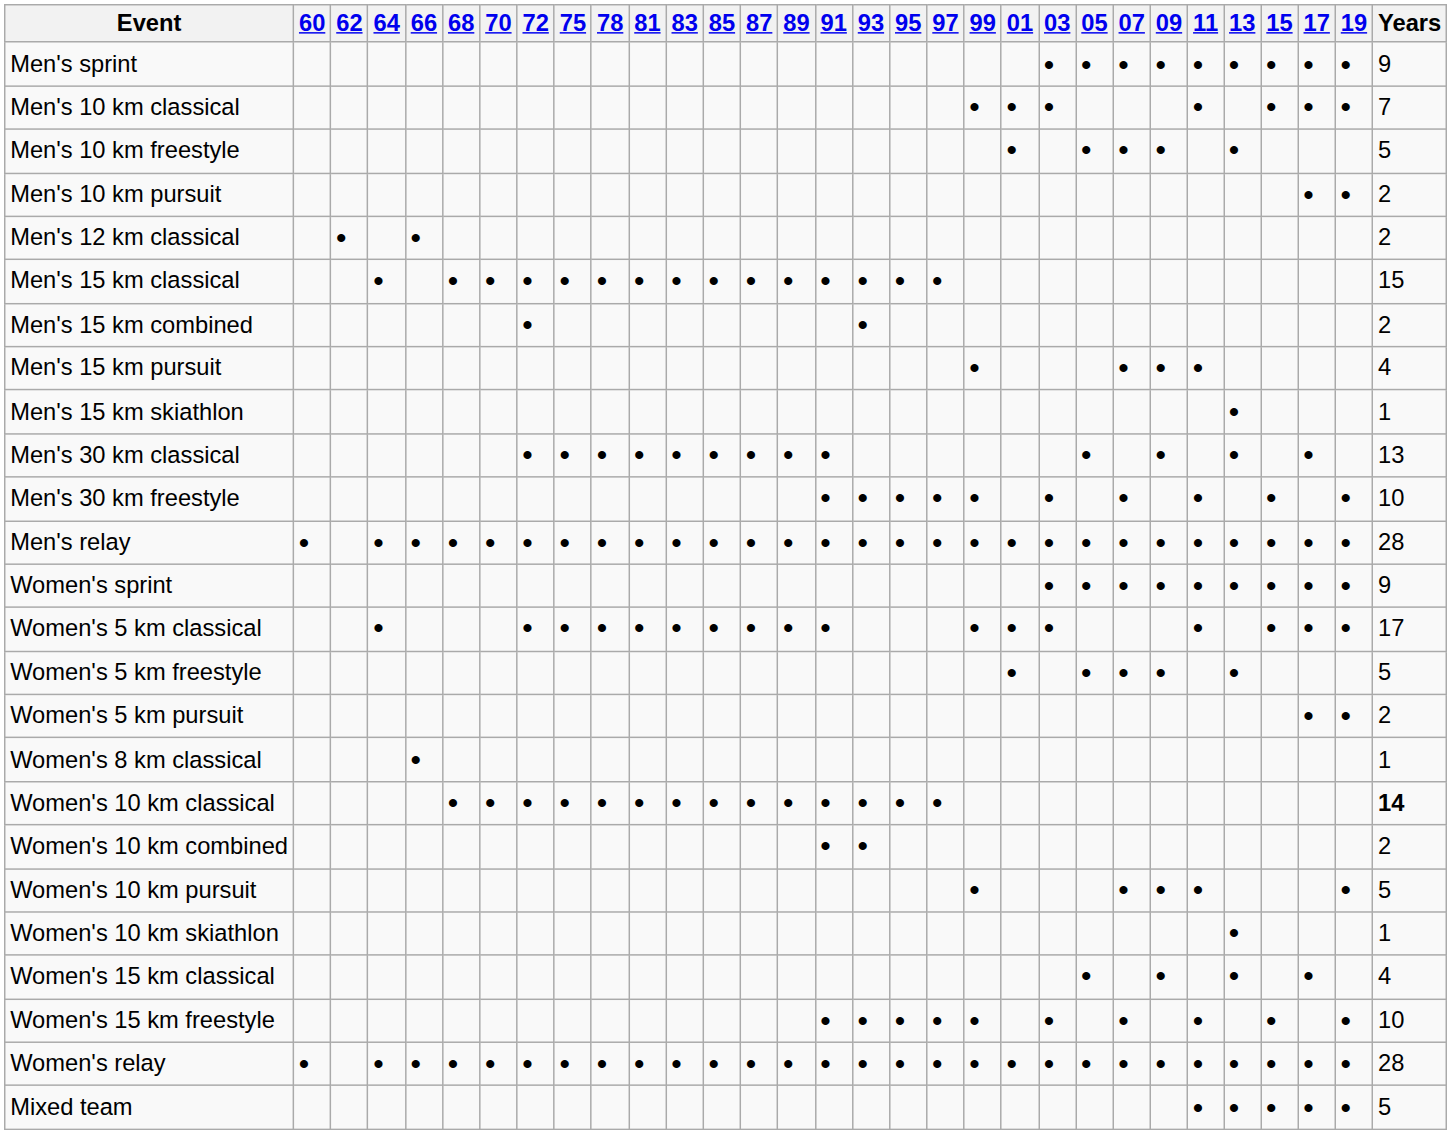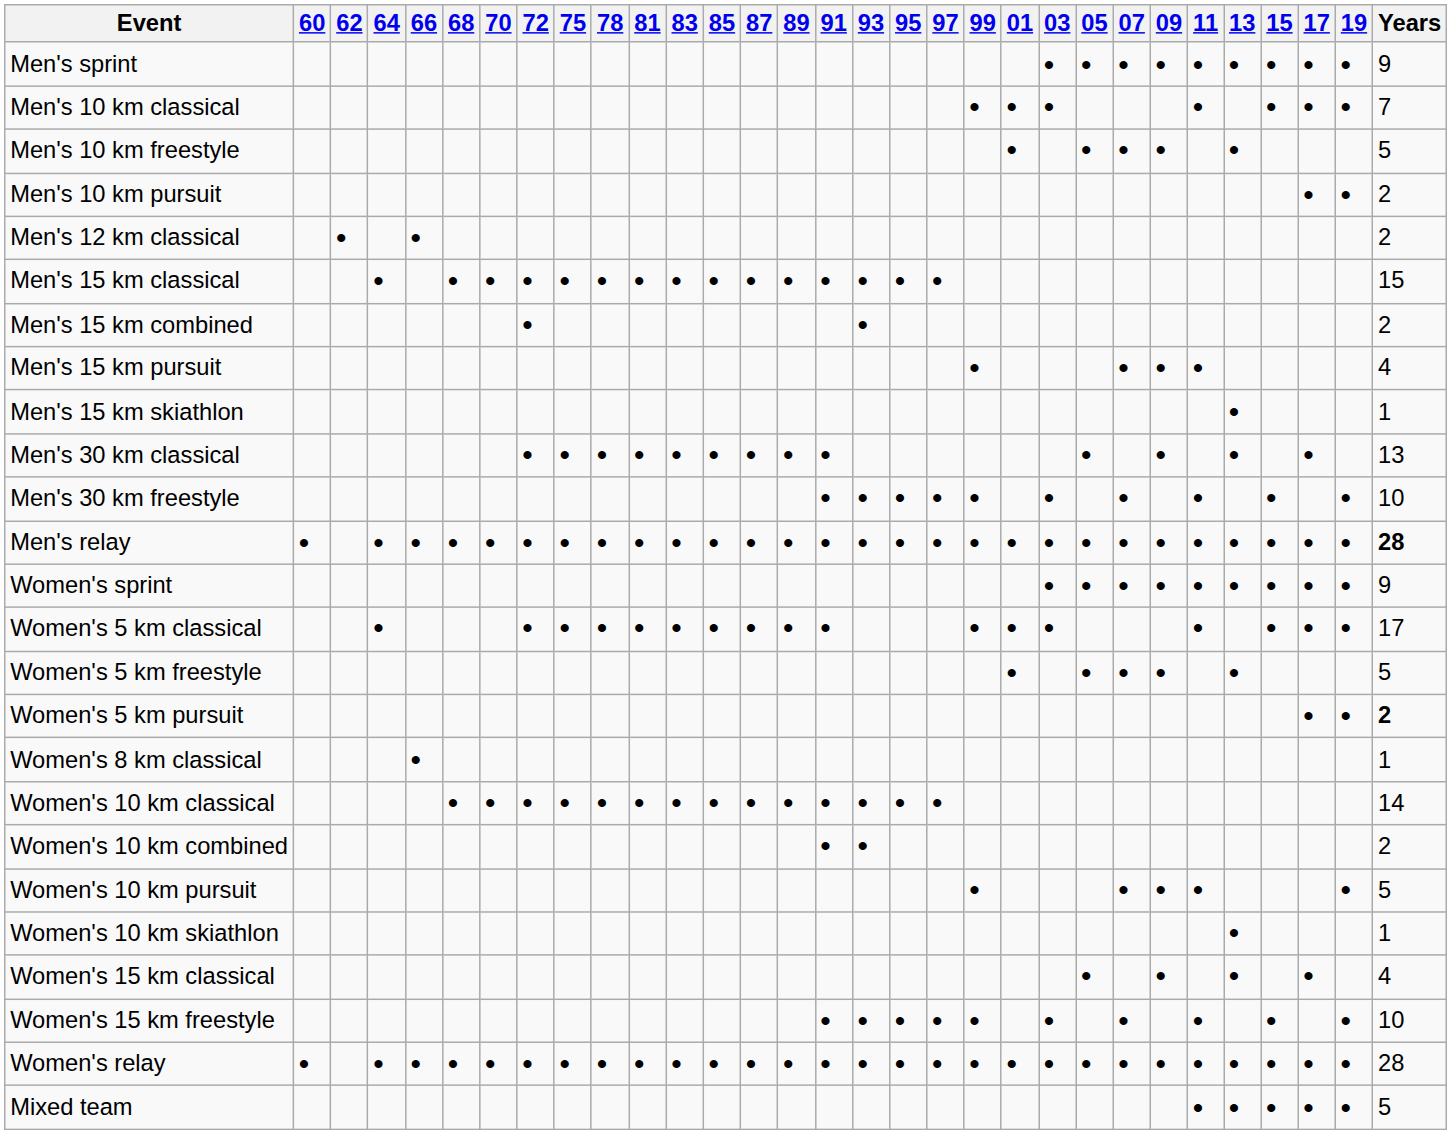 <table class="wikitable">
 <tr>
 <th>Event</th>
 <th><a href='#'>60</a></th>
 <th><a href='#'>62</a></th>
 <th><a href='#'>64</a></th>
 <th><a href='#'>66</a></th>
 <th><a href='#'>68</a></th>
 <th><a href='#'>70</a></th>
 <th><a href='#'>72</a></th>
 <th><a href='#'>75</a></th>
 <th><a href='#'>78</a></th>
 <th><a href='#'>81</a></th>
 <th><a href='#'>83</a></th>
 <th><a href='#'>85</a></th>
 <th><a href='#'>87</a></th>
 <th><a href='#'>89</a></th>
 <th><a href='#'>91</a></th>
 <th><a href='#'>93</a></th>
 <th><a href='#'>95</a></th>
 <th><a href='#'>97</a></th>
 <th><a href='#'>99</a></th>
 <th><a href='#'>01</a></th>
 <th><a href='#'>03</a></th>
 <th><a href='#'>05</a></th>
 <th><a href='#'>07</a></th>
 <th><a href='#'>09</a></th>
 <th><a href='#'>11</a></th>
 <th><a href='#'>13</a></th>
 <th><a href='#'>15</a></th>
 <th><a href='#'>17</a></th>
 <th><a href='#'>19</a></th>
 <th>Years</th>
 </tr>
 <tr>
 <td align=left>Men's sprint</td>
 <td></td>
 <td></td>
 <td></td>
 <td></td>
 <td></td>
 <td></td>
 <td></td>
 <td></td>
 <td></td>
 <td></td>
 <td></td>
 <td></td>
 <td></td>
 <td></td>
 <td></td>
 <td></td>
 <td></td>
 <td></td>
 <td></td>
 <td></td>
 <td><big><strong>•</strong></big></td>
 <td><big><strong>•</strong></big ></td>
 <td><big><strong>•</strong></big></td>
 <td><big><strong>•</strong></big></td>
 <td><big><strong>•</strong></big></td>
 <td><big><strong>•</strong></big></td>
 <td><big><strong>•</strong></big></td>
 <td><big><strong>•</strong></big></td>
 <td><big><strong>•</strong></big></td>
 <td>9</td>
 </tr>
 <tr>
 <td align=left>Men's 10 km classical</td>
 <td></td>
 <td></td>
 <td></td>
 <td></td>
 <td></td>
 <td></td>
 <td></td>
 <td></td>
 <td></td>
 <td></td>
 <td></td>
 <td></td>
 <td></td>
 <td></td>
 <td></td>
 <td></td>
 <td></td>
 <td></td>
 <td><big><strong>•</strong></big></td>
 <td><big><strong>•</strong></big></td>
 <td><big><strong>•</strong></big ></td>
 <td></td>
 <td></td>
 <td></td>
 <td><big><strong>•</strong></big></td>
 <td></td>
 <td><big><strong>•</strong></big></td>
 <td><big><strong>•</strong></big></td>
 <td><big><strong>•</strong></big></td>
 <td>7</td>
 </tr>
 <tr>
 <td align=left>Men's 10 km freestyle</td>
 <td></td>
 <td></td>
 <td></td>
 <td></td>
 <td></td>
 <td></td>
 <td></td>
 <td></td>
 <td></td>
 <td></td>
 <td></td>
 <td></td>
 <td></td>
 <td></td>
 <td></td>
 <td></td>
 <td></td>
 <td></td>
 <td></td>
 <td><big><strong>•</strong></big></td>
 <td></td>
 <td><big><strong>•</strong></big></td>
 <td><big><strong>•</strong></big ></td>
 <td><big><strong>•</strong></big></td>
 <td></td>
 <td><big><strong>•</strong></big></td>
 <td></td>
 <td></td>
 <td></td>
 <td>5</td>
 </tr>
 <tr>
 <td align=left>Men's 10 km pursuit</td>
 <td></td>
 <td></td>
 <td></td>
 <td></td>
 <td></td>
 <td></td>
 <td></td>
 <td></td>
 <td></td>
 <td></td>
 <td></td>
 <td></td>
 <td></td>
 <td></td>
 <td></td>
 <td></td>
 <td></td>
 <td></td>
 <td></td>
 <td></td>
 <td></td>
 <td></td>
 <td></td>
 <td></td>
 <td></td>
 <td></td>
 <td></td>
 <td><big><strong>•</strong></big></td>
 <td><big><strong>•</strong></big></td>
 <td>2</td>
 </tr>
 <tr>
 <td align=left>Men's 12 km classical</td>
 <td></td>
 <td><big><strong>•</strong></big></td>
 <td></td>
 <td><big><strong>•</strong></big></td>
 <td></td>
 <td></td>
 <td></td>
 <td></td>
 <td></td>
 <td></td>
 <td></td>
 <td></td>
 <td></td>
 <td></td>
 <td></td>
 <td></td>
 <td></td>
 <td></td>
 <td></td>
 <td></td>
 <td></td>
 <td></td>
 <td></td>
 <td></td>
 <td></td>
 <td></td>
 <td></td>
 <td></td>
 <td></td>
 <td>2</td>
 </tr>
 <tr>
 <td align=left>Men's 15 km classical</td>
 <td></td>
 <td></td>
 <td><big><strong>•</strong></big></td>
 <td></td>
 <td><big><strong>•</strong></big></td>
 <td><big><strong>•</strong></big></td>
 <td><big><strong>•</strong></big></td>
 <td><big><strong>•</strong></big></td>
 <td><big><strong>•</strong></big></td>
 <td><big><strong>•</strong></big></td>
 <td><big><strong>•</strong></big></td>
 <td><big><strong>•</strong></big></td>
 <td><big><strong>•</strong></big></td>
 <td><big><strong>•</strong></big></td>
 <td><big><strong>•</strong></big></td>
 <td><big><strong>•</strong></big></td>
 <td><big><strong>•</strong></big></td>
 <td><big><strong>•</strong></big></td>
 <td></td>
 <td></td>
 <td></td>
 <td></td>
 <td></td>
 <td></td>
 <td></td>
 <td></td>
 <td></td>
 <td></td>
 <td></td>
 <td>15</td>
 </tr>
 <tr>
 <td align=left>Men's 15 km combined</td>
 <td></td>
 <td></td>
 <td></td>
 <td></td>
 <td></td>
 <td></td>
 <td><big><strong>•</strong></big></td>
 <td></td>
 <td></td>
 <td></td>
 <td></td>
 <td></td>
 <td></td>
 <td></td>
 <td></td>
 <td><big><strong>•</strong></big></td>
 <td></td>
 <td></td>
 <td></td>
 <td></td>
 <td></td>
 <td></td>
 <td></td>
 <td></td>
 <td></td>
 <td></td>
 <td></td>
 <td></td>
 <td></td>
 <td>2</td>
 </tr>
 <tr>
 <td align=left>Men's 15 km pursuit</td>
 <td></td>
 <td></td>
 <td></td>
 <td></td>
 <td></td>
 <td></td>
 <td></td>
 <td></td>
 <td></td>
 <td></td>
 <td></td>
 <td></td>
 <td></td>
 <td></td>
 <td></td>
 <td></td>
 <td></td>
 <td></td>
 <td><big><strong>•</strong></big></td>
 <td></td>
 <td></td>
 <td></td>
 <td><big><strong>•</strong></big></td>
 <td><big><strong>•</strong></big></td>
 <td><big><strong>•</strong></big></td>
 <td></td>
 <td></td>
 <td></td>
 <td></td>
 <td>4</td>
 </tr>
 <tr>
 <td align=left>Men's 15 km skiathlon</td>
 <td></td>
 <td></td>
 <td></td>
 <td></td>
 <td></td>
 <td></td>
 <td></td>
 <td></td>
 <td></td>
 <td></td>
 <td></td>
 <td></td>
 <td></td>
 <td></td>
 <td></td>
 <td></td>
 <td></td>
 <td></td>
 <td></td>
 <td></td>
 <td></td>
 <td></td>
 <td></td>
 <td></td>
 <td></td>
 <td><big><strong>•</strong></big></td>
 <td></td>
 <td></td>
 <td></td>
 <td>1</td>
 </tr>
 <tr>
 <td align=left>Men's 30 km classical</td>
 <td></td>
 <td></td>
 <td></td>
 <td></td>
 <td></td>
 <td></td>
 <td><big><strong>•</strong></big></td>
 <td><big><strong>•</strong></big></td>
 <td><big><strong>•</strong></big></td>
 <td><big><strong>•</strong></big></td>
 <td><big><strong>•</strong></big></td>
 <td><big><strong>•</strong></big></td>
 <td><big><strong>•</strong></big></td>
 <td><big><strong>•</strong></big></td>
 <td><big><strong>•</strong></big></td>
 <td></td>
 <td></td>
 <td></td>
 <td></td>
 <td></td>
 <td></td>
 <td><big><strong>•</strong></big></td>
 <td></td>
 <td><big><strong>•</strong></big></td>
 <td></td>
 <td><big><strong>•</strong></big></td>
 <td></td>
 <td><big><strong>•</strong></big></td>
 <td></td>
 <td>13</td>
 </tr>
 <tr>
 <td align=left>Men's 30 km freestyle</td>
 <td></td>
 <td></td>
 <td></td>
 <td></td>
 <td></td>
 <td></td>
 <td></td>
 <td></td>
 <td></td>
 <td></td>
 <td></td>
 <td></td>
 <td></td>
 <td></td>
 <td><big><strong>•</strong></big></td>
 <td><big><strong>•</strong></big></td>
 <td><big><strong>•</strong></big></td>
 <td><big><strong>•</strong></big></td>
 <td><big><strong>•</strong></big></td>
 <td></td>
 <td><big><strong>•</strong></big></td>
 <td></td>
 <td><big><strong>•</strong></big></td>
 <td></td>
 <td><big><strong>•</strong></big></td>
 <td></td>
 <td><big><strong>•</strong></big></td>
 <td></td>
 <td><big><strong>•</strong></big></td>
 <td>10</td>
 </tr>
 <tr>
 <td align=left>Men's relay</td>
 <td><big><strong>•</strong></big></td>
 <td></td>
 <td><big><strong>•</strong></big></td>
 <td><big><strong>•</strong></big></td>
 <td><big><strong>•</strong></big></td>
 <td><big><strong>•</strong></big></td>
 <td><big><strong>•</strong></big></td>
 <td><big><strong>•</strong></big></td>
 <td><big><strong>•</strong></big></td>
 <td><big><strong>•</strong></big></td>
 <td><big><strong>•</strong></big></td>
 <td><big><strong>•</strong></big></td>
 <td><big><strong>•</strong></big></td>
 <td><big><strong>•</strong></big></td>
 <td><big><strong>•</strong></big></td>
 <td><big><strong>•</strong></big></td>
 <td><big><strong>•</strong></big></td>
 <td><big><strong>•</strong></big></td>
 <td><big><strong>•</strong></big></td>
 <td><big><strong>•</strong></big></td>
 <td><big><strong>•</strong></big></td>
 <td><big><strong>•</strong></big></td>
 <td><big><strong>•</strong></big></td>
 <td><big><strong>•</strong></big></td>
 <td><big><strong>•</strong></big></td>
 <td><big><strong>•</strong></big></td>
 <td><big><strong>•</strong></big></td>
 <td><big><strong>•</strong></big></td>
 <td><big><strong>•</strong></big></td>
-<td>28</td>
+<td><strong>28</strong></td>
 </tr>
 <tr>
 <td align=left>Women's sprint</td>
 <td></td>
 <td></td>
 <td></td>
 <td></td>
 <td></td>
 <td></td>
 <td></td>
 <td></td>
 <td></td>
 <td></td>
 <td></td>
 <td></td>
 <td></td>
 <td></td>
 <td></td>
 <td></td>
 <td></td>
 <td></td>
 <td></td>
 <td></td>
 <td><big><strong>•</strong></big></td>
 <td><big><strong>•</strong></big ></td>
 <td><big><strong>•</strong></big></td>
 <td><big><strong>•</strong></big></td>
 <td><big><strong>•</strong></big></td>
 <td><big><strong>•</strong></big></td>
 <td><big><strong>•</strong></big></td>
 <td><big><strong>•</strong></big></td>
 <td><big><strong>•</strong></big></td>
 <td>9</td>
 </tr>
 <tr>
 <td align=left>Women's 5 km classical</td>
 <td></td>
 <td></td>
 <td><big><strong>•</strong></big></td>
 <td></td>
 <td></td>
 <td></td>
 <td><big><strong>•</strong></big></td>
 <td><big><strong>•</strong></big></td>
 <td><big><strong>•</strong></big></td>
 <td><big><strong>•</strong></big></td>
 <td><big><strong>•</strong></big></td>
 <td><big><strong>•</strong></big></td>
 <td><big><strong>•</strong></big></td>
 <td><big><strong>•</strong></big></td>
 <td><big><strong>•</strong></big></td>
 <td></td>
 <td></td>
 <td></td>
 <td><big><strong>•</strong></big></td>
 <td><big><strong>•</strong></big></td>
 <td><big><strong>•</strong></big ></td>
 <td></td>
 <td></td>
 <td></td>
 <td><big><strong>•</strong></big></td>
 <td></td>
 <td><big><strong>•</strong></big></td>
 <td><big><strong>•</strong></big></td>
 <td><big><strong>•</strong></big></td>
 <td>17</td>
 </tr>
 <tr>
 <td align=left>Women's 5 km freestyle</td>
 <td></td>
 <td></td>
 <td></td>
 <td></td>
 <td></td>
 <td></td>
 <td></td>
 <td></td>
 <td></td>
 <td></td>
 <td></td>
 <td></td>
 <td></td>
 <td></td>
 <td></td>
 <td></td>
 <td></td>
 <td></td>
 <td></td>
 <td><big><strong>•</strong></big></td>
 <td></td>
 <td><big><strong>•</strong></big></td>
 <td><big><strong>•</strong></big ></td>
 <td><big><strong>•</strong></big></td>
 <td></td>
 <td><big><strong>•</strong></big></td>
 <td></td>
 <td></td>
 <td></td>
 <td>5</td>
 </tr>
 <tr>
 <td align=left>Women's 5 km pursuit</td>
 <td></td>
 <td></td>
 <td></td>
 <td></td>
 <td></td>
 <td></td>
 <td></td>
 <td></td>
 <td></td>
 <td></td>
 <td></td>
 <td></td>
 <td></td>
 <td></td>
 <td></td>
 <td></td>
 <td></td>
 <td></td>
 <td></td>
 <td></td>
 <td></td>
 <td></td>
 <td></td>
 <td></td>
 <td></td>
 <td></td>
 <td></td>
 <td><big><strong>•</strong></big></td>
 <td><big><strong>•</strong></big></td>
-<td>2</td>
+<td><strong>2</strong></td>
 </tr>
 <tr>
 <td align=left>Women's 8 km classical</td>
 <td></td>
 <td></td>
 <td></td>
 <td><big><strong>•</strong></big></td>
 <td></td>
 <td></td>
 <td></td>
 <td></td>
 <td></td>
 <td></td>
 <td></td>
 <td></td>
 <td></td>
 <td></td>
 <td></td>
 <td></td>
 <td></td>
 <td></td>
 <td></td>
 <td></td>
 <td></td>
 <td></td>
 <td></td>
 <td></td>
 <td></td>
 <td></td>
 <td></td>
 <td></td>
 <td></td>
 <td>1</td>
 </tr>
 <tr>
 <td align=left>Women's 10 km classical</td>
 <td></td>
 <td></td>
 <td></td>
 <td></td>
 <td><big><strong>•</strong></big></td>
 <td><big><strong>•</strong></big></td>
 <td><big><strong>•</strong></big></td>
 <td><big><strong>•</strong></big></td>
 <td><big><strong>•</strong></big></td>
 <td><big><strong>•</strong></big></td>
 <td><big><strong>•</strong></big></td>
 <td><big><strong>•</strong></big></td>
 <td><big><strong>•</strong></big></td>
 <td><big><strong>•</strong></big></td>
 <td><big><strong>•</strong></big></td>
 <td><big><strong>•</strong></big></td>
 <td><big><strong>•</strong></big></td>
 <td><big><strong>•</strong></big></td>
 <td></td>
 <td></td>
 <td></td>
 <td></td>
 <td></td>
 <td></td>
 <td></td>
 <td></td>
 <td></td>
 <td></td>
 <td></td>
-<td><strong>14</strong></td>
+<td>14</td>
 </tr>
 <tr>
 <td align=left>Women's 10 km combined</td>
 <td></td>
 <td></td>
 <td></td>
 <td></td>
 <td></td>
 <td></td>
 <td></td>
 <td></td>
 <td></td>
 <td></td>
 <td></td>
 <td></td>
 <td></td>
 <td></td>
 <td><big><strong>•</strong></big></td>
 <td><big><strong>•</strong></big></td>
 <td></td>
 <td></td>
 <td></td>
 <td></td>
 <td></td>
 <td></td>
 <td></td>
 <td></td>
 <td></td>
 <td></td>
 <td></td>
 <td></td>
 <td></td>
 <td>2</td>
 </tr>
 <tr>
 <td align=left>Women's 10 km pursuit</td>
 <td></td>
 <td></td>
 <td></td>
 <td></td>
 <td></td>
 <td></td>
 <td></td>
 <td></td>
 <td></td>
 <td></td>
 <td></td>
 <td></td>
 <td></td>
 <td></td>
 <td></td>
 <td></td>
 <td></td>
 <td></td>
 <td><big><strong>•</strong></big></td>
 <td></td>
 <td></td>
 <td></td>
 <td><big><strong>•</strong></big></td>
 <td><big><strong>•</strong></big></td>
 <td><big><strong>•</strong></big></td>
 <td></td>
 <td></td>
 <td></td>
 <td><big><strong>•</strong></big></td>
 <td>5</td>
 </tr>
 <tr>
 <td align=left>Women's 10 km skiathlon</td>
 <td></td>
 <td></td>
 <td></td>
 <td></td>
 <td></td>
 <td></td>
 <td></td>
 <td></td>
 <td></td>
 <td></td>
 <td></td>
 <td></td>
 <td></td>
 <td></td>
 <td></td>
 <td></td>
 <td></td>
 <td></td>
 <td></td>
 <td></td>
 <td></td>
 <td></td>
 <td></td>
 <td></td>
 <td></td>
 <td><big><strong>•</strong></big></td>
 <td></td>
 <td></td>
 <td></td>
 <td>1</td>
 </tr>
 <tr>
 <td align=left>Women's 15 km classical</td>
 <td></td>
 <td></td>
 <td></td>
 <td></td>
 <td></td>
 <td></td>
 <td></td>
 <td></td>
 <td></td>
 <td></td>
 <td></td>
 <td></td>
 <td></td>
 <td></td>
 <td></td>
 <td></td>
 <td></td>
 <td></td>
 <td></td>
 <td></td>
 <td></td>
 <td><big><strong>•</strong></big></td>
 <td></td>
 <td><big><strong>•</strong></big></td>
 <td></td>
 <td><big><strong>•</strong></big></td>
 <td></td>
 <td><big><strong>•</strong></big></td>
 <td></td>
 <td>4</td>
 </tr>
 <tr>
 <td align=left>Women's 15 km freestyle</td>
 <td></td>
 <td></td>
 <td></td>
 <td></td>
 <td></td>
 <td></td>
 <td></td>
 <td></td>
 <td></td>
 <td></td>
 <td></td>
 <td></td>
 <td></td>
 <td></td>
 <td><big><strong>•</strong></big></td>
 <td><big><strong>•</strong></big></td>
 <td><big><strong>•</strong></big></td>
 <td><big><strong>•</strong></big></td>
 <td><big><strong>•</strong></big></td>
 <td></td>
 <td><big><strong>•</strong></big></td>
 <td></td>
 <td><big><strong>•</strong></big></td>
 <td></td>
 <td><big><strong>•</strong></big></td>
 <td></td>
 <td><big><strong>•</strong></big></td>
 <td></td>
 <td><big><strong>•</strong></big></td>
 <td>10</td>
 </tr>
 <tr>
 <td align=left>Women's relay</td>
 <td><big><strong>•</strong></big></td>
 <td></td>
 <td><big><strong>•</strong></big></td>
 <td><big><strong>•</strong></big></td>
 <td><big><strong>•</strong></big></td>
 <td><big><strong>•</strong></big></td>
 <td><big><strong>•</strong></big></td>
 <td><big><strong>•</strong></big></td>
 <td><big><strong>•</strong></big></td>
 <td><big><strong>•</strong></big></td>
 <td><big><strong>•</strong></big></td>
 <td><big><strong>•</strong></big></td>
 <td><big><strong>•</strong></big></td>
 <td><big><strong>•</strong></big></td>
 <td><big><strong>•</strong></big></td>
 <td><big><strong>•</strong></big></td>
 <td><big><strong>•</strong></big></td>
 <td><big><strong>•</strong></big></td>
 <td><big><strong>•</strong></big></td>
 <td><big><strong>•</strong></big></td>
 <td><big><strong>•</strong></big></td>
 <td><big><strong>•</strong></big></td>
 <td><big><strong>•</strong></big></td>
 <td><big><strong>•</strong></big></td>
 <td><big><strong>•</strong></big></td>
 <td><big><strong>•</strong></big></td>
 <td><big><strong>•</strong></big></td>
 <td><big><strong>•</strong></big></td>
 <td><big><strong>•</strong></big></td>
 <td>28</td>
 </tr>
 <tr>
 <td align=left>Mixed team</td>
 <td></td>
 <td></td>
 <td></td>
 <td></td>
 <td></td>
 <td></td>
 <td></td>
 <td></td>
 <td></td>
 <td></td>
 <td></td>
 <td></td>
 <td></td>
 <td></td>
 <td></td>
 <td></td>
 <td></td>
 <td></td>
 <td></td>
 <td></td>
 <td></td>
 <td></td>
 <td></td>
 <td></td>
 <td><big><strong>•</strong></big></td>
 <td><big><strong>•</strong></big></td>
 <td><big><strong>•</strong></big></td>
 <td><big><strong>•</strong></big></td>
 <td><big><strong>•</strong></big></td>
 <td>5</td>
 </tr>
 <tr>
 </tr>
 </table>
